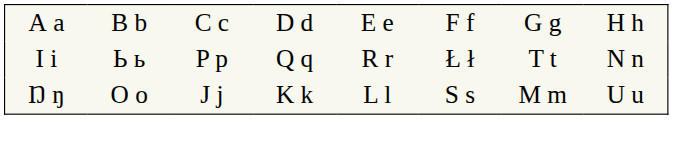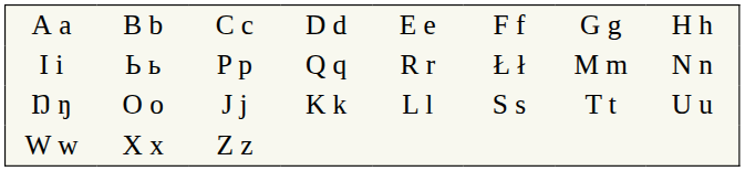 <table style="font-family:Arial Unicode MS; font-size:1.4em; border-color:#000000; border-width:1px; border-style:solid; border-collapse:collapse; background-color:#F8F8EF">
 <tr>
 <td style="width:3em; text-align:center; padding: 3px;">А а</td>
 <td style="width:3em; text-align:center; padding: 3px;">B b</td>
 <td style="width:3em; text-align:center; padding: 3px;">C c</td>
 <td style="width:3em; text-align:center; padding: 3px;">D d</td>
 <td style="width:3em; text-align:center; padding: 3px;">E e</td>
 <td style="width:3em; text-align:center; padding: 3px;">F f</td>
 <td style="width:3em; text-align:center; padding: 3px;">G g</td>
 <td style="width:3em; text-align:center; padding: 3px;">H h</td>
 </tr>
 <tr>
 <td style="width:3em; text-align:center; padding: 3px;">I i</td>
 <td style="width:3em; text-align:center; padding: 3px;">Ь ь</td>
 <td style="width:3em; text-align:center; padding: 3px;">P p</td>
 <td style="width:3em; text-align:center; padding: 3px;">Q q</td>
 <td style="width:3em; text-align:center; padding: 3px;">R r</td>
 <td style="width:3em; text-align:center; padding: 3px;">Ł ł</td>
-<td style="width:3em; text-align:center; padding: 3px;">T t</td>
+<td style="width:3em; text-align:center; padding: 3px;">M m</td>
 <td style="width:3em; text-align:center; padding: 3px;">N n</td>
 </tr>
 <tr>
 <td style="width:3em; text-align:center; padding: 3px;">Ŋ ŋ</td>
 <td style="width:3em; text-align:center; padding: 3px;">O o</td>
 <td style="width:3em; text-align:center; padding: 3px;">J j</td>
 <td style="width:3em; text-align:center; padding: 3px;">K k</td>
 <td style="width:3em; text-align:center; padding: 3px;">L l</td>
 <td style="width:3em; text-align:center; padding: 3px;">S s</td>
-<td style="width:3em; text-align:center; padding: 3px;">M m</td>
+<td style="width:3em; text-align:center; padding: 3px;">T t</td>
 <td style="width:3em; text-align:center; padding: 3px;">U u</td>
 </tr>
+<tr>
+<td style="width:3em; text-align:center; padding: 3px;">W w</td>
+<td style="width:3em; text-align:center; padding: 3px;">X x</td>
+<td style="width:3em; text-align:center; padding: 3px;">Z z</td>
+<td style="width:3em; text-align:center; padding: 3px;"></td>
+<td style="width:3em; text-align:center; padding: 3px;"></td>
+<td style="width:3em; text-align:center; padding: 3px;"></td>
+<td style="width:3em; text-align:center; padding: 3px;"></td>
+<td style="width:3em; text-align:center; padding: 3px;"></td>
+</tr>
 </table>
